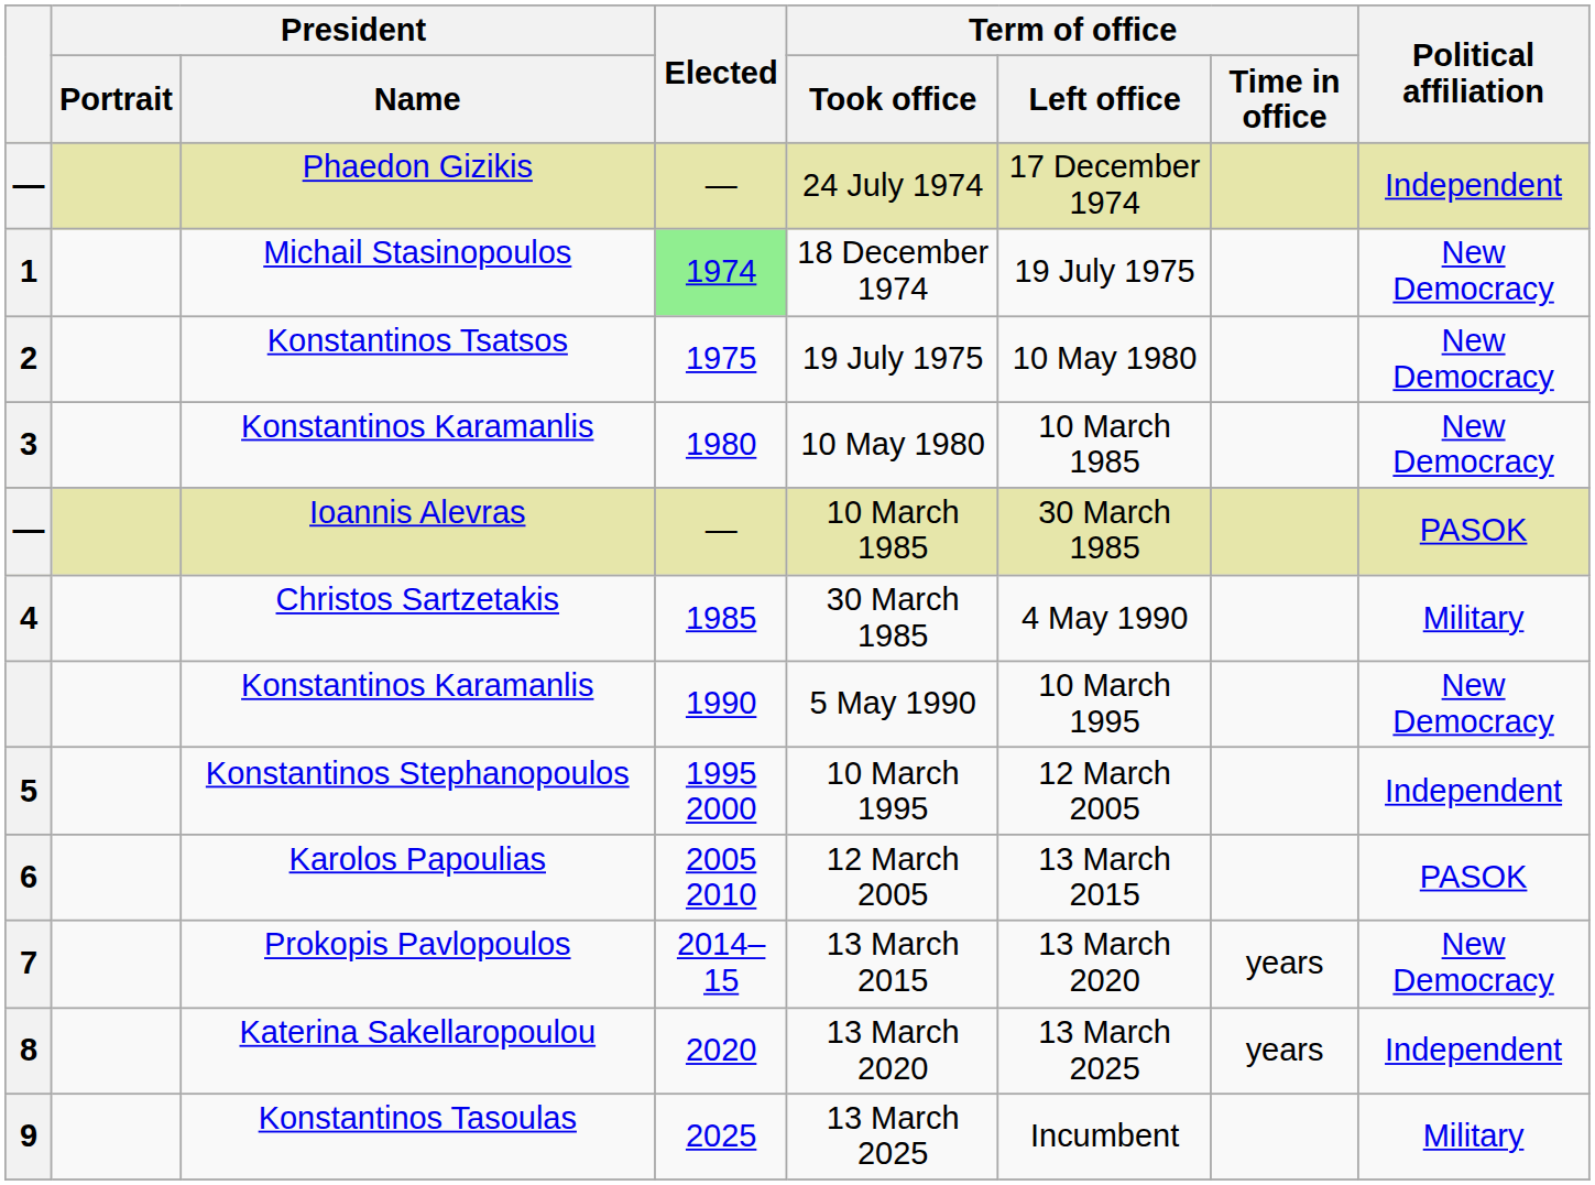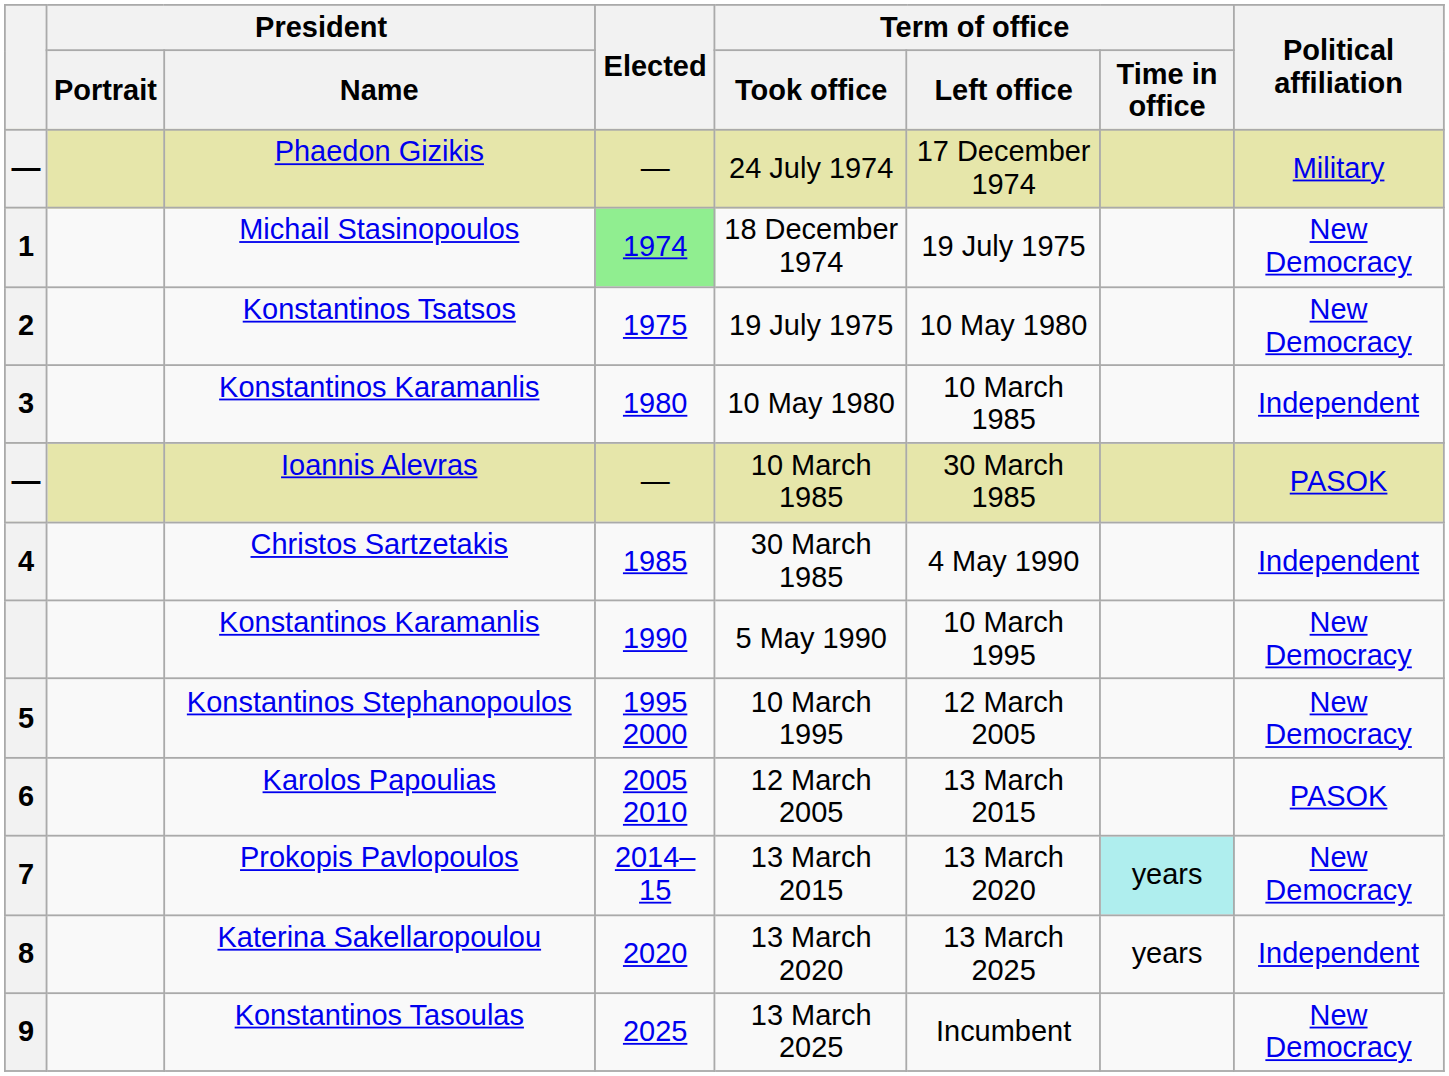 <table class="wikitable" style="text-align:center; width:90%">
 <tr>
 <th rowspan="2"></th>
 <th colspan="2">President</th>
 <th rowspan="2">Elected</th>
 <th colspan="3">Term of office</th>
 <th rowspan="2">Political affiliation</th>
 </tr>
 <tr>
 <th>Portrait</th>
 <th style="width:30%;">Name<br></th>
 <th>Took office</th>
 <th>Left office</th>
 <th>Time in office</th>
 </tr>
 <tr style="background:#e6e6aa;">
 <th style="background:">—</th>
 <td></td>
 <td> <a href='#'>Phaedon Gizikis</a><br><br></td>
 <td>—<br></td>
 <td>24 July 1974</td>
 <td>17 December 1974</td>
 <td></td>
-<td><a href='#'>Independent</a></td>
+<td><a href='#'>Military</a></td>
 </tr>
 <tr>
 <th style="background:">1</th>
 <td></td>
 <td><a href='#'>Michail Stasinopoulos</a><br><br></td>
 <td style="background: lightgreen;"><a href='#'>1974</a><br></td>
 <td>18 December 1974</td>
 <td>19 July 1975</td>
 <td></td>
 <td><a href='#'>New Democracy</a></td>
 </tr>
 <tr>
 <th style="background:">2</th>
 <td></td>
 <td><a href='#'>Konstantinos Tsatsos</a><br><br></td>
 <td><a href='#'>1975</a></td>
 <td>19 July 1975</td>
 <td>10 May 1980</td>
 <td></td>
 <td><a href='#'>New Democracy</a></td>
 </tr>
 <tr>
 <th style="background:">3</th>
 <td></td>
 <td><a href='#'>Konstantinos Karamanlis</a><br><br></td>
 <td><a href='#'>1980</a></td>
 <td>10 May 1980</td>
 <td>10 March 1985<br></td>
 <td></td>
-<td><a href='#'>New Democracy</a></td>
+<td><a href='#'>Independent</a></td>
 </tr>
 <tr style="background:#e6e6aa;">
 <th style="background:">—</th>
 <td></td>
 <td><a href='#'>Ioannis Alevras</a><br><br></td>
 <td>—<br></td>
 <td>10 March 1985</td>
 <td>30 March 1985</td>
 <td></td>
 <td><a href='#'>PASOK</a></td>
 </tr>
 <tr>
 <th style="background:">4</th>
 <td></td>
 <td><a href='#'>Christos Sartzetakis</a><br><br></td>
 <td><a href='#'>1985</a></td>
 <td>30 March 1985</td>
 <td>4 May 1990</td>
 <td></td>
-<td><a href='#'>Military</a></td>
+<td><a href='#'>Independent</a></td>
 </tr>
 <tr>
 <th style="background:"></th>
 <td></td>
 <td><a href='#'>Konstantinos Karamanlis</a><br><br></td>
 <td><a href='#'>1990</a></td>
 <td>5 May 1990</td>
 <td>10 March 1995</td>
 <td></td>
 <td><a href='#'>New Democracy</a></td>
 </tr>
 <tr>
 <th style="background:">5</th>
 <td></td>
 <td><a href='#'>Konstantinos Stephanopoulos</a><br><br></td>
 <td><a href='#'>1995</a><br><a href='#'>2000</a></td>
 <td>10 March 1995</td>
 <td>12 March 2005</td>
 <td></td>
-<td><a href='#'>Independent</a></td>
+<td><a href='#'>New Democracy</a></td>
 </tr>
 <tr>
 <th style="background:">6</th>
 <td></td>
 <td><a href='#'>Karolos Papoulias</a><br><br></td>
 <td><a href='#'>2005</a><br><a href='#'>2010</a></td>
 <td>12 March 2005</td>
 <td>13 March 2015</td>
 <td></td>
 <td><a href='#'>PASOK</a></td>
 </tr>
 <tr>
 <th style="background:">7</th>
 <td></td>
 <td><a href='#'>Prokopis Pavlopoulos</a><br><br></td>
 <td><a href='#'>2014–15</a></td>
 <td>13 March 2015</td>
 <td>13 March 2020</td>
-<td> years</td>
+<td style="background: paleturquoise;"> years</td>
 <td><a href='#'>New Democracy</a></td>
 </tr>
 <tr>
 <th style="background:">8</th>
 <td></td>
 <td><a href='#'>Katerina Sakellaropoulou</a><br><br></td>
 <td><a href='#'>2020</a></td>
 <td>13 March 2020</td>
 <td>13 March 2025</td>
 <td> years</td>
 <td><a href='#'>Independent</a></td>
 </tr>
 <tr>
 <th style="background:">9</th>
 <td></td>
 <td><a href='#'>Konstantinos Tasoulas</a><br><br></td>
 <td><a href='#'>2025</a></td>
 <td>13 March 2025</td>
 <td>Incumbent</td>
 <td></td>
-<td><a href='#'>Military</a></td>
+<td><a href='#'>New Democracy</a></td>
 </tr>
 </table>
